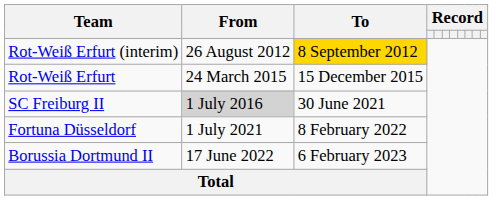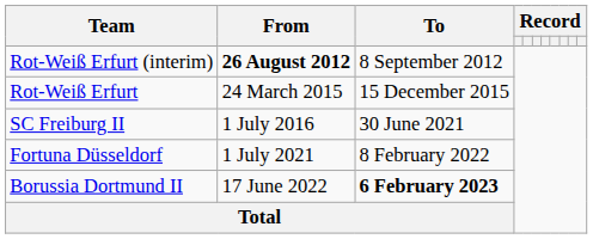 <table class="wikitable" style="text-align: center">
 <tr>
 <th rowspan="2">Team</th>
 <th rowspan="2">From</th>
 <th rowspan="2">To</th>
 <th colspan="8">Record</th>
 </tr>
 <tr>
 <th></th>
 <th></th>
 <th></th>
 <th></th>
 <th></th>
 <th></th>
 <th></th>
 <th></th>
 </tr>
 <tr>
 <td align=left><a href='#'>Rot-Weiß Erfurt</a> (interim)</td>
-<td align=left>26 August 2012</td>
-<td align=left style="background: gold;">8 September 2012<br></td>
+<td align=left><strong>26 August 2012</strong></td>
+<td align=left>8 September 2012<br></td>
 </tr>
 <tr>
 <td align=left><a href='#'>Rot-Weiß Erfurt</a></td>
 <td align=left>24 March 2015</td>
 <td align=left>15 December 2015<br></td>
 </tr>
 <tr>
 <td align=left><a href='#'>SC Freiburg II</a></td>
-<td align=left style="background: lightgrey;">1 July 2016</td>
+<td align=left>1 July 2016</td>
 <td align=left>30 June 2021<br></td>
 </tr>
 <tr>
 <td align=left><a href='#'>Fortuna Düsseldorf</a></td>
 <td align=left>1 July 2021</td>
 <td align=left>8 February 2022<br></td>
 </tr>
 <tr>
 <td align=left><a href='#'>Borussia Dortmund II</a></td>
 <td align=left>17 June 2022</td>
-<td align=left>6 February 2023<br></td>
+<td align=left><strong>6 February 2023<br></strong></td>
 </tr>
 <tr>
 <th colspan=3>Total<br></th>
 </tr>
 </table>
